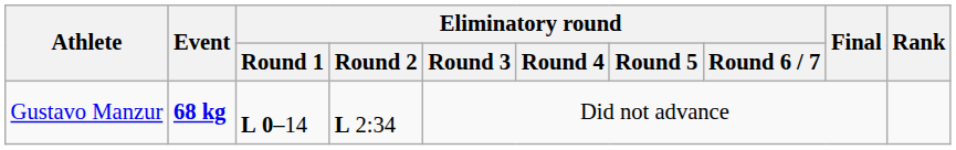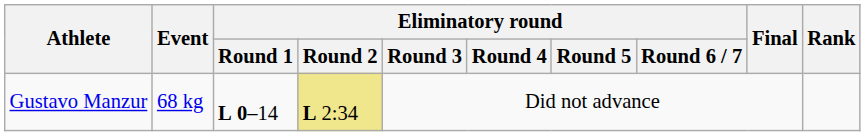 <table class="wikitable" style="font-size:90%">
 <tr>
 <th rowspan="2">Athlete</th>
 <th rowspan="2">Event</th>
 <th colspan="6">Eliminatory round</th>
 <th rowspan="2">Final</th>
 <th rowspan="2">Rank</th>
 </tr>
 <tr>
 <th>Round 1</th>
 <th>Round 2</th>
 <th>Round 3</th>
 <th>Round 4</th>
 <th>Round 5</th>
 <th>Round 6 / 7</th>
 </tr>
 <tr>
 <td><a href='#'>Gustavo Manzur</a></td>
-<td><strong><a href='#'>68 kg</a></strong></td>
+<td><a href='#'>68 kg</a></td>
 <td><br><strong>L</strong> <strong>0</strong>–14</td>
-<td><br><strong>L</strong> 2:34</td>
+<td style="background: khaki;"><br><strong>L</strong> 2:34</td>
 <td colspan=5 align=center>Did not advance</td>
 <td align=center><strong></strong></td>
 </tr>
 </table>
